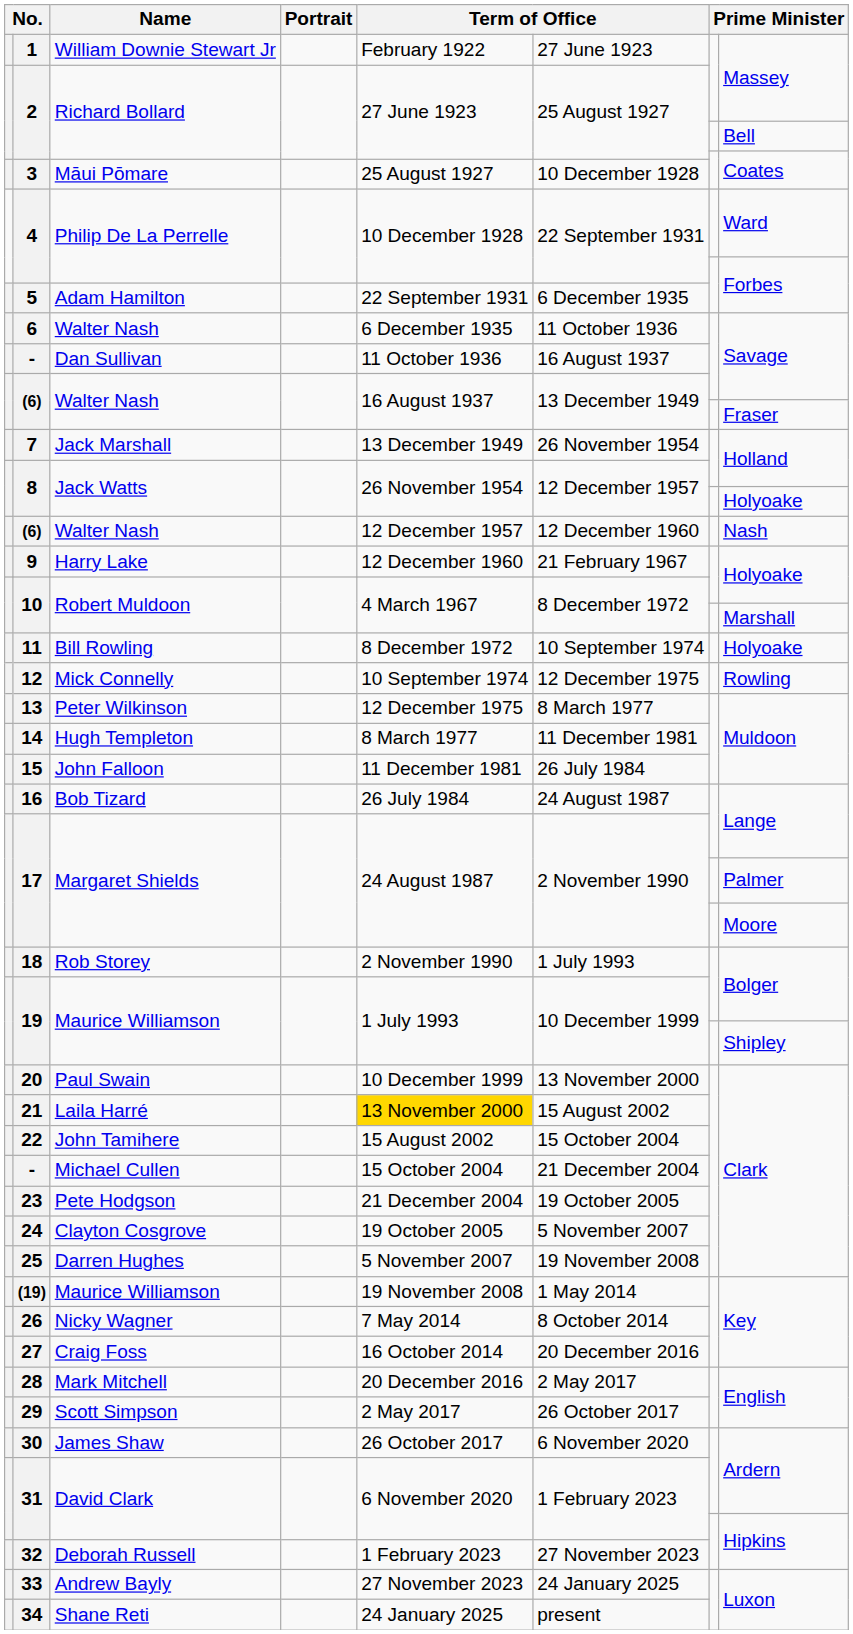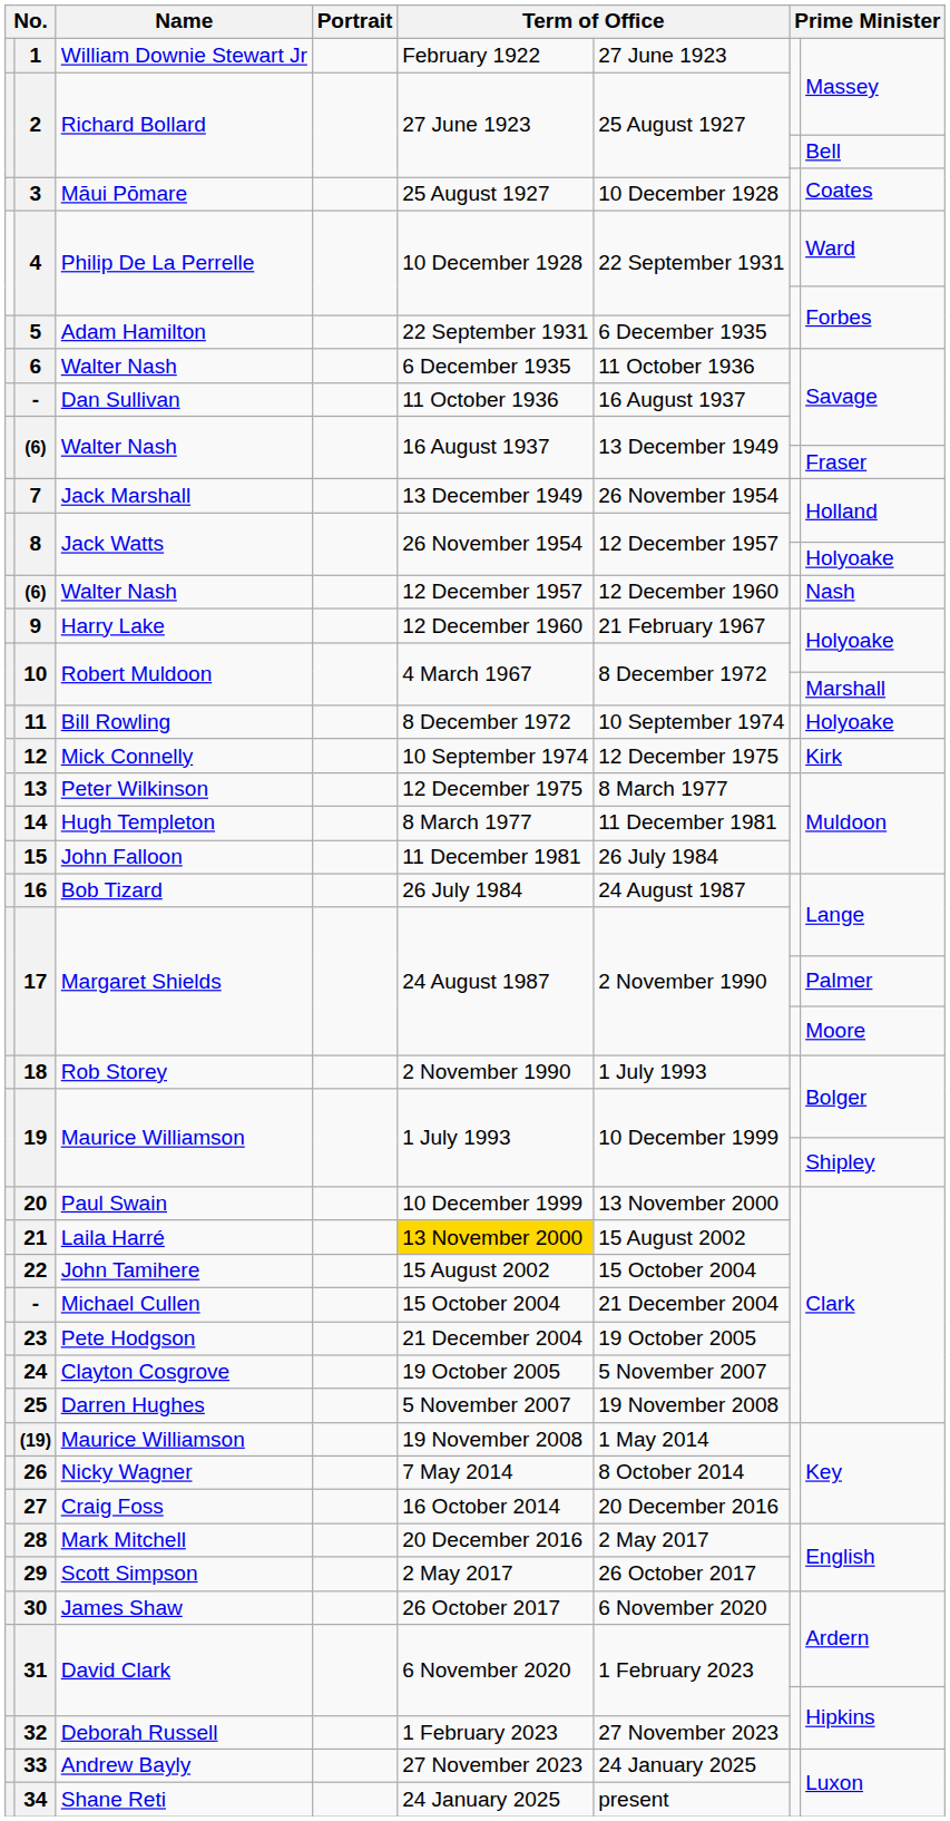 <table class="wikitable">
 <tr>
 <th colspan=2>No.</th>
 <th>Name</th>
 <th>Portrait</th>
 <th colspan=2>Term of Office</th>
 <th colspan=2>Prime Minister</th>
 </tr>
 <tr>
 <th style="color:inherit;background:"></th>
 <th>1</th>
 <td><a href='#'>William Downie Stewart Jr</a></td>
 <td></td>
 <td>February 1922</td>
 <td>27 June 1923</td>
 <td style="border-bottom:solid 0 grey; background:"></td>
 <td rowspan=2><a href='#'>Massey</a></td>
 </tr>
 <tr>
 <th rowspan=3 style="color:inherit;background:"></th>
 <th rowspan=3>2</th>
 <td rowspan=3><a href='#'>Richard Bollard</a></td>
 <td rowspan=3></td>
 <td rowspan=3>27 June 1923</td>
 <td rowspan=3>25 August 1927</td>
 <td height=40 style="border-top:solid 0 grey; background:"></td>
 </tr>
 <tr>
 <td style="color:inherit;background:"></td>
 <td><a href='#'>Bell</a></td>
 </tr>
 <tr>
 <td style="border-bottom:solid 0 grey; background:"></td>
 <td rowspan=2><a href='#'>Coates</a></td>
 </tr>
 <tr>
 <th style="color:inherit;background:"></th>
 <th>3</th>
 <td><a href='#'>Māui Pōmare</a></td>
 <td></td>
 <td>25 August 1927</td>
 <td>10 December 1928</td>
 <td style="border-top:solid 0 grey; background:"></td>
 </tr>
 <tr>
 <td height=50 style="border-bottom:solid 0 grey; background:"></td>
 <th rowspan=2>4</th>
 <td rowspan=2><a href='#'>Philip De La Perrelle</a></td>
 <td rowspan=2></td>
 <td rowspan=2>10 December 1928</td>
 <td rowspan=2>22 September 1931</td>
 <td style="color:inherit;background:"></td>
 <td><a href='#'>Ward</a></td>
 </tr>
 <tr>
 <td height=15 style="border-top:solid 0 grey; background:"></td>
 <td style="border-bottom:solid 0 grey; background:"></td>
 <td rowspan=2><a href='#'>Forbes</a></td>
 </tr>
 <tr>
 <th style="color:inherit;background:"></th>
 <th>5</th>
 <td><a href='#'>Adam Hamilton</a></td>
 <td></td>
 <td>22 September 1931</td>
 <td>6 December 1935</td>
 <td style="border-top:solid 0 grey; background:"></td>
 </tr>
 <tr>
 <th style="color:inherit;background:"></th>
 <th>6</th>
 <td><a href='#'>Walter Nash</a></td>
 <td></td>
 <td>6 December 1935</td>
 <td>11 October 1936</td>
 <td rowspan=3 style="color:inherit;background:"></td>
 <td rowspan=3><a href='#'>Savage</a></td>
 </tr>
 <tr>
 <th style="color:inherit;background:"></th>
 <th>-</th>
 <td><a href='#'>Dan Sullivan</a><br></td>
 <td></td>
 <td>11 October 1936</td>
 <td>16 August 1937</td>
 </tr>
 <tr>
 <th height=15 style="border-bottom:solid 0 grey; background:"></th>
 <th rowspan=2><small>(6)</small></th>
 <td rowspan=2><a href='#'>Walter Nash</a></td>
 <td rowspan=2></td>
 <td rowspan=2>16 August 1937</td>
 <td rowspan=2>13 December 1949</td>
 </tr>
 <tr>
 <th height=15 style="border-top:solid 0 grey; background:"></th>
 <td style="color:inherit;background:"></td>
 <td><a href='#'>Fraser</a></td>
 </tr>
 <tr>
 <th style="color:inherit;background:"></th>
 <th>7</th>
 <td><a href='#'>Jack Marshall</a></td>
 <td></td>
 <td>13 December 1949</td>
 <td>26 November 1954</td>
 <td style="border-bottom:solid 0 grey; background:"></td>
 <td rowspan=2><a href='#'>Holland</a></td>
 </tr>
 <tr>
 <th rowspan=2 style="color:inherit;background:"></th>
 <th rowspan=2>8</th>
 <td rowspan=2><a href='#'>Jack Watts</a></td>
 <td rowspan=2></td>
 <td rowspan=2>26 November 1954</td>
 <td rowspan=2>12 December 1957</td>
 <td height=15 style="border-top:solid 0 grey; background:"></td>
 </tr>
 <tr>
 <td height=15 style="color:inherit;background:"></td>
 <td><a href='#'>Holyoake</a></td>
 </tr>
 <tr>
 <th style="color:inherit;background:"></th>
 <th><small>(6)</small></th>
 <td><a href='#'>Walter Nash</a></td>
 <td></td>
 <td>12 December 1957</td>
 <td>12 December 1960</td>
 <td style="color:inherit;background:"></td>
 <td><a href='#'>Nash</a></td>
 </tr>
 <tr>
 <th style="color:inherit;background:"></th>
 <th>9</th>
 <td><a href='#'>Harry Lake</a></td>
 <td></td>
 <td>12 December 1960</td>
 <td>21 February 1967</td>
 <td style="border-bottom:solid 0 grey; background:"></td>
 <td rowspan=3><a href='#'>Holyoake</a></td>
 </tr>
 <tr>
 <th rowspan=3 style="color:inherit;background:"></th>
 <th rowspan=3>10</th>
 <td rowspan=3><a href='#'>Robert Muldoon</a></td>
 <td rowspan=3></td>
 <td rowspan=3>4 March 1967</td>
 <td rowspan=3>8 December 1972</td>
 </tr>
 <tr>
 <td height=15 style="border-top:solid 0 grey; background:"></td>
 </tr>
 <tr>
 <td height=15 style="color:inherit;background:"></td>
 <td><a href='#'>Marshall</a></td>
 </tr>
 <tr>
 <th style="border-bottom:solid 0 grey; background:"></th>
 <th>11</th>
 <td><a href='#'>Bill Rowling</a></td>
 <td></td>
 <td>8 December 1972</td>
 <td>10 September 1974</td>
 <td width=1 style="color:inherit;background:"></td>
 <td><a href='#'>Holyoake</a></td>
 </tr>
 <tr>
 <th style="border-bottom:solid 0 grey; background:"></th>
 <th>12</th>
 <td><a href='#'>Mick Connelly</a></td>
 <td></td>
 <td>10 September 1974</td>
 <td>12 December 1975</td>
 <td width=1 style="color:inherit;background:"></td>
-<td><a href='#'>Rowling</a></td>
+<td><a href='#'>Kirk</a></td>
 </tr>
 <tr>
 <th style="color:inherit;background:"></th>
 <th>13</th>
 <td><a href='#'>Peter Wilkinson</a></td>
 <td></td>
 <td>12 December 1975</td>
 <td>8 March 1977</td>
 <td rowspan=3 style="color:inherit;background:"></td>
 <td rowspan=3><a href='#'>Muldoon</a></td>
 </tr>
 <tr>
 <th style="color:inherit;background:"></th>
 <th>14</th>
 <td><a href='#'>Hugh Templeton</a></td>
 <td></td>
 <td>8 March 1977</td>
 <td>11 December 1981</td>
 </tr>
 <tr>
 <th style="color:inherit;background:"></th>
 <th>15</th>
 <td><a href='#'>John Falloon</a></td>
 <td></td>
 <td>11 December 1981</td>
 <td>26 July 1984</td>
 </tr>
 <tr>
 <th style="color:inherit;background:"></th>
 <th>16</th>
 <td><a href='#'>Bob Tizard</a></td>
 <td></td>
 <td>26 July 1984</td>
 <td>24 August 1987</td>
 <td rowspan=2 style="color:inherit;background:"></td>
 <td rowspan=2><a href='#'>Lange</a></td>
 </tr>
 <tr>
 <th height=30 style="border-bottom:solid 0 grey; background:"></th>
 <th rowspan=3>17</th>
 <td rowspan=3><a href='#'>Margaret Shields</a></td>
 <td rowspan=3></td>
 <td rowspan=3>24 August 1987</td>
 <td rowspan=3>2 November 1990</td>
 </tr>
 <tr>
 <th rowspan=2 style="border-top:solid 0 grey; background:"></th>
 <td height=30 style="color:inherit;background:"></td>
 <td><a href='#'>Palmer</a></td>
 </tr>
 <tr>
 <td height=30 style="color:inherit;background:"></td>
 <td><a href='#'>Moore</a></td>
 </tr>
 <tr>
 <th style="color:inherit;background:"></th>
 <th>18</th>
 <td><a href='#'>Rob Storey</a></td>
 <td></td>
 <td>2 November 1990</td>
 <td>1 July 1993</td>
 <td rowspan=2 style="color:inherit;background:"></td>
 <td rowspan=2><a href='#'>Bolger</a></td>
 </tr>
 <tr>
 <th height=30 style="border-bottom:solid 0 grey; background:"></th>
 <th rowspan=2>19</th>
 <td rowspan=2><a href='#'>Maurice Williamson</a></td>
 <td rowspan=2></td>
 <td rowspan=2>1 July 1993</td>
 <td rowspan=2>10 December 1999</td>
 </tr>
 <tr>
 <th height=30 style="border-top:solid 0 grey; background:"></th>
 <td style="color:inherit;background:"></td>
 <td><a href='#'>Shipley</a></td>
 </tr>
 <tr>
 <th style="color:inherit;background:"></th>
 <th>20</th>
 <td><a href='#'>Paul Swain</a></td>
 <td></td>
 <td>10 December 1999</td>
 <td>13 November 2000</td>
 <td rowspan=7 style="color:inherit;background:"></td>
 <td rowspan=7><a href='#'>Clark</a></td>
 </tr>
 <tr>
 <th style="color:inherit;background:"></th>
 <th>21</th>
 <td><a href='#'>Laila Harré</a></td>
 <td></td>
 <td style="background: gold;">13 November 2000</td>
 <td>15 August 2002</td>
 </tr>
 <tr>
 <th style="color:inherit;background:"></th>
 <th>22</th>
 <td><a href='#'>John Tamihere</a></td>
 <td></td>
 <td>15 August 2002</td>
 <td>15 October 2004</td>
 </tr>
 <tr>
 <th style="color:inherit;background:"></th>
 <th>-</th>
 <td><a href='#'>Michael Cullen</a><br></td>
 <td></td>
 <td>15 October 2004</td>
 <td>21 December 2004</td>
 </tr>
 <tr>
 <th style="color:inherit;background:"></th>
 <th>23</th>
 <td><a href='#'>Pete Hodgson</a></td>
 <td></td>
 <td>21 December 2004</td>
 <td>19 October 2005</td>
 </tr>
 <tr>
 <th style="color:inherit;background:"></th>
 <th>24</th>
 <td><a href='#'>Clayton Cosgrove</a></td>
 <td></td>
 <td>19 October 2005</td>
 <td>5 November 2007</td>
 </tr>
 <tr>
 <th style="color:inherit;background:"></th>
 <th>25</th>
 <td><a href='#'>Darren Hughes</a></td>
 <td></td>
 <td>5 November 2007</td>
 <td>19 November 2008</td>
 </tr>
 <tr>
 <th style="color:inherit;background:"></th>
 <th><small>(19)</small></th>
 <td><a href='#'>Maurice Williamson</a></td>
 <td></td>
 <td>19 November 2008</td>
 <td>1 May 2014</td>
 <td rowspan=3 style="color:inherit;background:"></td>
 <td rowspan=3><a href='#'>Key</a></td>
 </tr>
 <tr>
 <th style="color:inherit;background:"></th>
 <th>26</th>
 <td><a href='#'>Nicky Wagner</a></td>
 <td></td>
 <td>7 May 2014</td>
 <td>8 October 2014</td>
 </tr>
 <tr>
 <th style="color:inherit;background:"></th>
 <th>27</th>
 <td><a href='#'>Craig Foss</a></td>
 <td></td>
 <td>16 October 2014</td>
 <td>20 December 2016</td>
 </tr>
 <tr>
 <th style="color:inherit;background:"></th>
 <th>28</th>
 <td><a href='#'>Mark Mitchell</a></td>
 <td></td>
 <td>20 December 2016</td>
 <td>2 May 2017</td>
 <td rowspan=2 style="color:inherit;background:"></td>
 <td rowspan=2><a href='#'>English</a></td>
 </tr>
 <tr>
 <th style="color:inherit;background:"></th>
 <th>29</th>
 <td><a href='#'>Scott Simpson</a></td>
 <td></td>
 <td>2 May 2017</td>
 <td>26 October 2017</td>
 </tr>
 <tr>
 <th style="color:inherit;background:"></th>
 <th>30</th>
 <td><a href='#'>James Shaw</a></td>
 <td></td>
 <td>26 October 2017</td>
 <td>6 November 2020</td>
 <td rowspan=2 height=15 style="border-top:solid 0 gray; background:"></td>
 <td rowspan=2><a href='#'>Ardern</a></td>
 </tr>
 <tr>
 <th height=40 style="border-bottom:solid 0 grey; background:"></th>
 <th rowspan=2>31</th>
 <td rowspan=2><a href='#'>David Clark</a></td>
 <td rowspan=2></td>
 <td rowspan=2>6 November 2020</td>
 <td rowspan=2>1 February 2023</td>
 </tr>
 <tr>
 <th height=15 style="border-top:solid 0 grey; background:"></th>
 <td rowspan=2 style="color:inherit;background:"></td>
 <td rowspan=2><a href='#'>Hipkins</a></td>
 </tr>
 <tr>
 <th style="color:inherit;background:"></th>
 <th>32</th>
 <td><a href='#'>Deborah Russell</a></td>
 <td></td>
 <td>1 February 2023</td>
 <td>27 November 2023</td>
 </tr>
 <tr>
 <th style="color:inherit;background:"></th>
 <th>33</th>
 <td><a href='#'>Andrew Bayly</a></td>
 <td></td>
 <td>27 November 2023</td>
 <td>24 January 2025</td>
 <td rowspan=2 style="color:inherit;background:"></td>
 <td rowspan="2"><a href='#'>Luxon</a></td>
 </tr>
 <tr>
 <th style="color:inherit;background:"></th>
 <th>34</th>
 <td><a href='#'>Shane Reti</a></td>
 <td></td>
 <td>24 January 2025</td>
 <td>present</td>
 </tr>
 </table>
